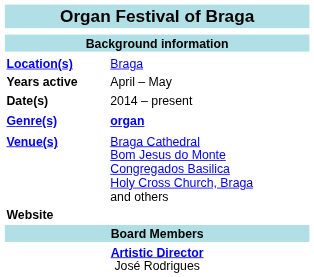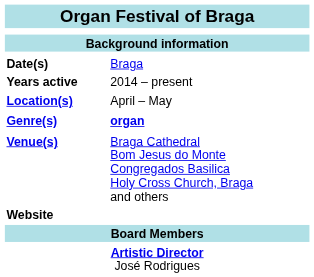 <table class="toccolours" style="float: right; margin: 0 0 .5em .5em; width: 25em; font-size: 95%;" cellpadding="2" cellspacing="2">
 <tr>
 <th colspan="2" style="text-align: center; font-size: 140%;" bgcolor="PowderBlue"><strong>Organ Festival of Braga</strong></th>
 </tr>
 <tr>
 <td colspan="2" style="text-align: center; font-size: 90%;"></td>
 </tr>
 <tr>
 <th colspan="2" align=center bgcolor="PowderBlue">Background information</th>
 </tr>
 <tr>
 </tr>
 <tr>
-<td><strong><a href='#'>Location(s)</a></strong></td>
+<td><strong>Date(s)</strong></td>
 <td> <a href='#'>Braga</a></td>
 </tr>
 <tr>
 <td><strong>Years active</strong></td>
-<td>April – May</td>
+<td>2014 – present</td>
 </tr>
 <tr>
-<td><strong>Date(s)</strong></td>
-<td>2014 – present</td>
+<td><strong><a href='#'>Location(s)</a></strong></td>
+<td>April – May</td>
 </tr>
 <tr>
 </tr>
 <tr style="vertical-align: top; text-align: left;">
 <td><strong><a href='#'>Genre(s)</a></strong></td>
 <td><strong><a href='#'>organ</a></strong></td>
 </tr>
 <tr>
 </tr>
 <tr style="vertical-align: top; text-align: left;">
 <td><strong><a href='#'>Venue(s)</a></strong></td>
 <td><a href='#'>Braga Cathedral</a><br><a href='#'>Bom Jesus do Monte</a><br><a href='#'>Congregados Basilica</a><br><a href='#'>Holy Cross Church, Braga</a><br> and others</td>
 </tr>
 <tr>
 <td><strong>Website</strong></td>
 <td></td>
 </tr>
 <tr>
 <th colspan="2" align=center bgcolor="PowderBlue"><strong>Board Members</strong></th>
 </tr>
 <tr>
 <td colspan="2" style="text-align: center"><strong><a href='#'>Artistic Director</a></strong><br>José Rodrigues</td>
 </tr>
 </table>
